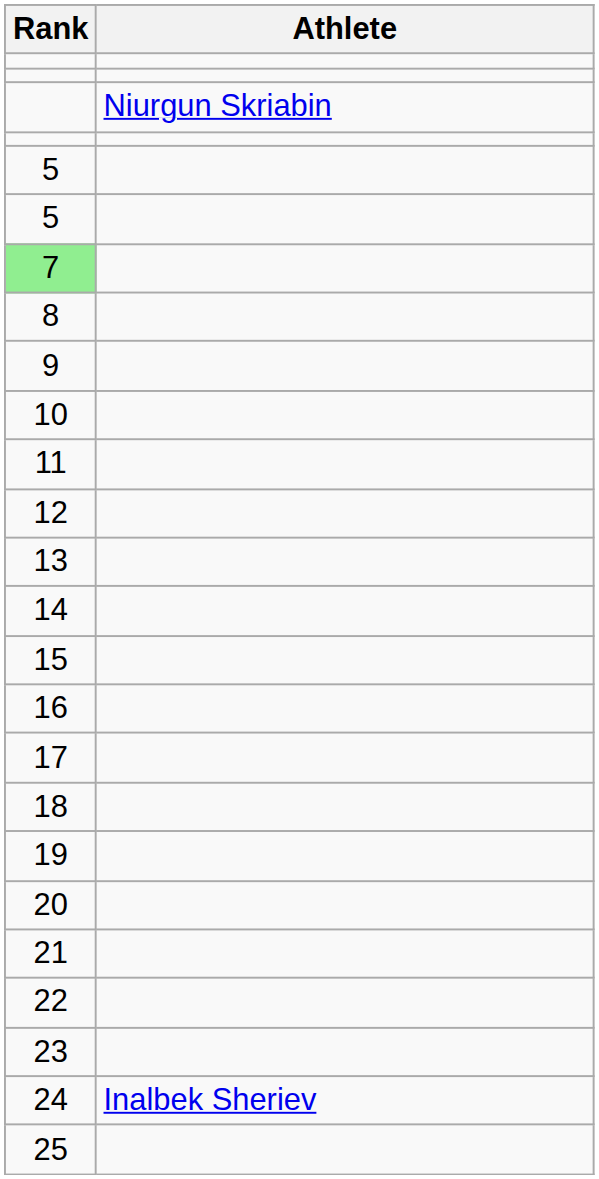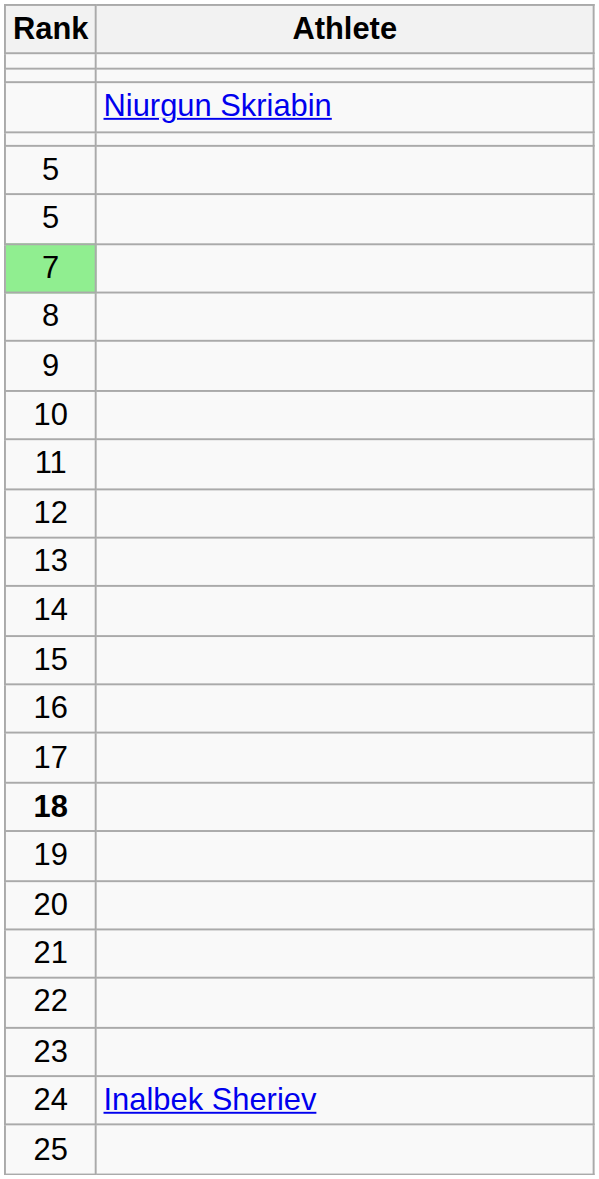 <table class="wikitable" style="text-align: center;">
 <tr>
 <th width=40>Rank</th>
 <th width=250>Athlete</th>
 </tr>
 <tr>
 <td></td>
 <td align="left"></td>
 </tr>
 <tr>
 <td></td>
 <td align="left"></td>
 </tr>
 <tr>
 <td></td>
 <td align="left"> <a href='#'>Niurgun Skriabin</a> </td>
 </tr>
 <tr>
 <td></td>
 <td align="left"></td>
 </tr>
 <tr>
 <td>5</td>
 <td align="left"></td>
 </tr>
 <tr>
 <td>5</td>
 <td align="left"></td>
 </tr>
 <tr>
 <td style="background: lightgreen;">7</td>
 <td align="left"></td>
 </tr>
 <tr>
 <td>8</td>
 <td align="left"></td>
 </tr>
 <tr>
 <td>9</td>
 <td align="left"></td>
 </tr>
 <tr>
 <td>10</td>
 <td align="left"></td>
 </tr>
 <tr>
 <td>11</td>
 <td align="left"></td>
 </tr>
 <tr>
 <td>12</td>
 <td align="left"></td>
 </tr>
 <tr>
 <td>13</td>
 <td align="left"></td>
 </tr>
 <tr>
 <td>14</td>
 <td align="left"></td>
 </tr>
 <tr>
 <td>15</td>
 <td align="left"></td>
 </tr>
 <tr>
 <td>16</td>
 <td align="left"></td>
 </tr>
 <tr>
 <td>17</td>
 <td align="left"></td>
 </tr>
 <tr>
-<td>18</td>
+<td><strong>18</strong></td>
 <td align="left"></td>
 </tr>
 <tr>
 <td>19</td>
 <td align="left"></td>
 </tr>
 <tr>
 <td>20</td>
 <td align="left"></td>
 </tr>
 <tr>
 <td>21</td>
 <td align="left"></td>
 </tr>
 <tr>
 <td>22</td>
 <td align="left"></td>
 </tr>
 <tr>
 <td>23</td>
 <td align="left"></td>
 </tr>
 <tr>
 <td>24</td>
 <td align="left"> <a href='#'>Inalbek Sheriev</a> </td>
 </tr>
 <tr>
 <td>25</td>
 <td align="left"></td>
 </tr>
 </table>
